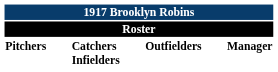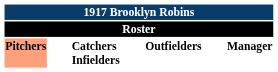 <table class="toccolours" style="font-size: 95%;">
 <tr>
 <th colspan="10" style="background-color: #083c6b; color: white; text-align: center;">1917 Brooklyn Robins</th>
 </tr>
 <tr>
 <td colspan="10" style="background-color: black; color: white; text-align: center;"><strong>Roster</strong></td>
 </tr>
 <tr>
-<td valign="top"><strong>Pitchers</strong><br>          </td>
+<td valign="top" style="background: lightsalmon;"><strong>Pitchers</strong><br>          </td>
 <td width="25px"></td>
 <td valign="top"><strong>Catchers</strong><br>     <strong>Infielders</strong>         </td>
 <td width="25px"></td>
 <td valign="top"><strong>Outfielders</strong><br>     </td>
 <td width="25px"></td>
 <td valign="top"><strong>Manager</strong><br></td>
 </tr>
 </table>
